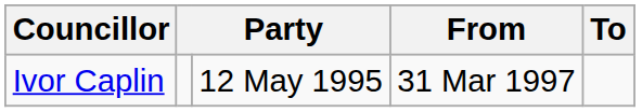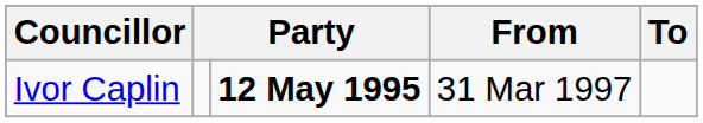 <table class=wikitable>
 <tr>
 <th>Councillor</th>
 <th colspan=2>Party</th>
 <th>From</th>
 <th>To</th>
 </tr>
 <tr>
 <td><a href='#'>Ivor Caplin</a></td>
 <td></td>
-<td align=right>12 May 1995</td>
+<td align=right><strong>12 May 1995</strong></td>
 <td align=right>31 Mar 1997</td>
 </tr>
 </table>
